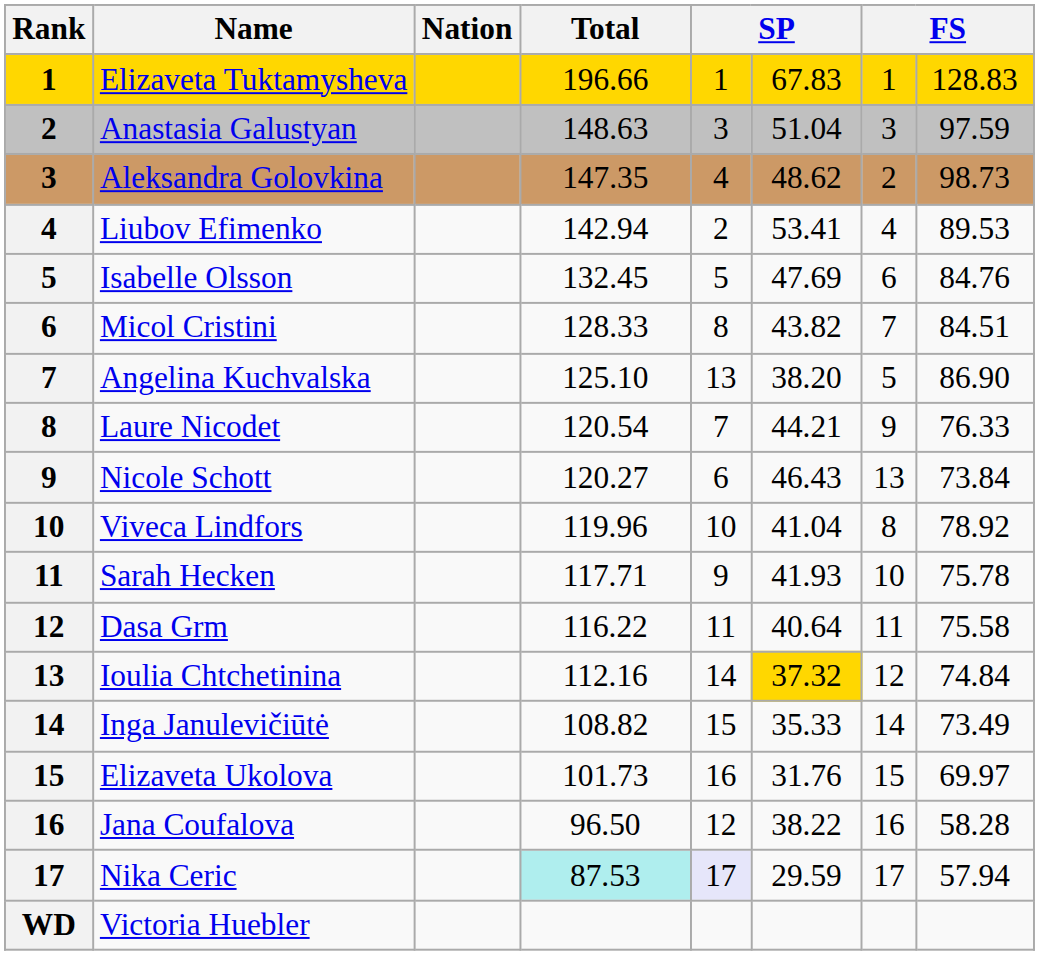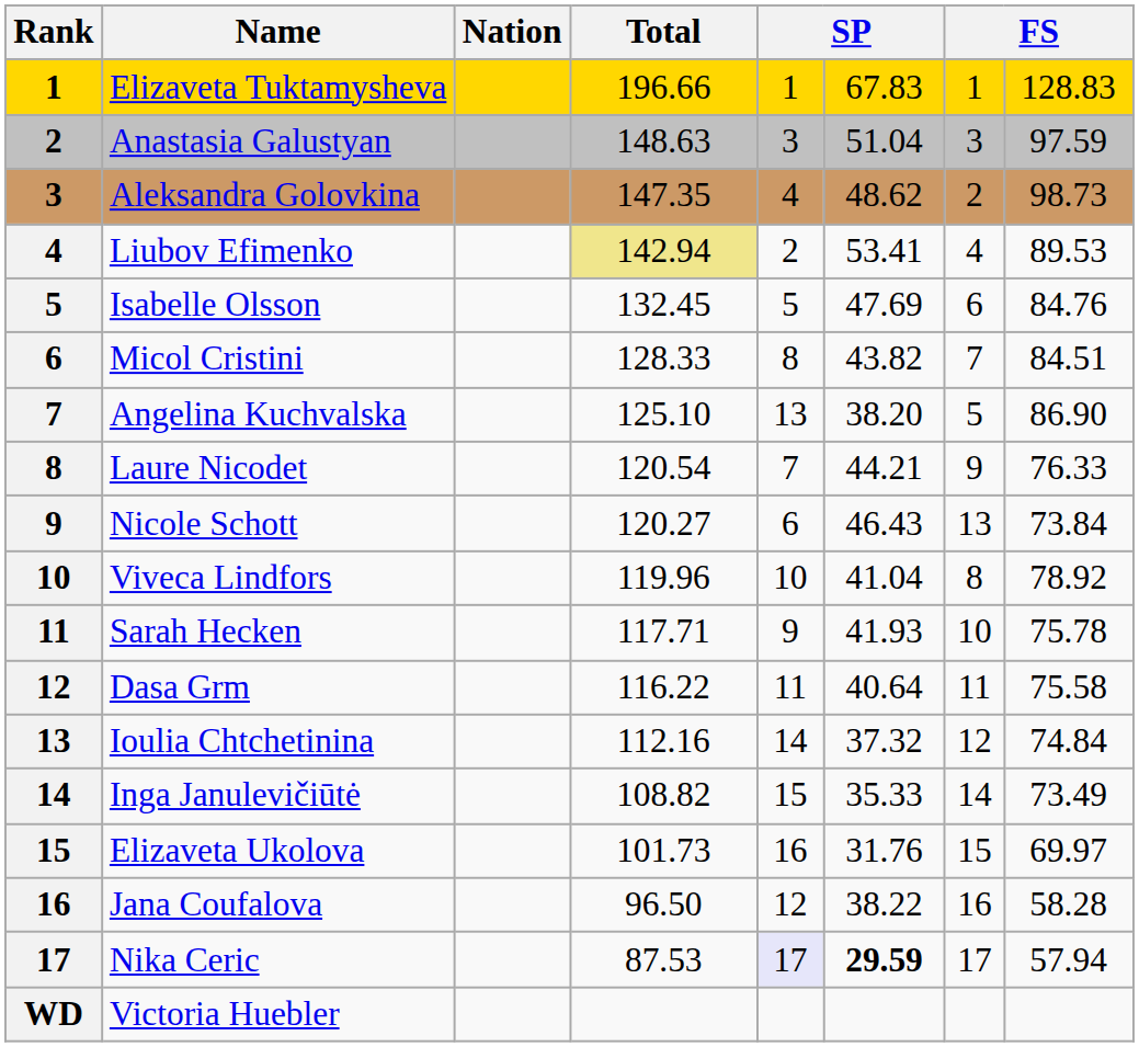 <table class="wikitable sortable">
 <tr>
 <th>Rank</th>
 <th>Name</th>
 <th>Nation</th>
 <th width="80px">Total</th>
 <th colspan="2" width="80px"><a href='#'>SP</a></th>
 <th colspan="2" width="80px"><a href='#'>FS</a></th>
 </tr>
 <tr bgcolor="gold">
 <td align="center"><strong>1</strong></td>
 <td><a href='#'>Elizaveta Tuktamysheva</a></td>
 <td></td>
 <td align="center">196.66</td>
 <td align="center">1</td>
 <td align="center">67.83</td>
 <td align="center">1</td>
 <td align="center">128.83</td>
 </tr>
 <tr bgcolor="silver">
 <td align="center"><strong>2</strong></td>
 <td><a href='#'>Anastasia Galustyan</a></td>
 <td></td>
 <td align="center">148.63</td>
 <td align="center">3</td>
 <td align="center">51.04</td>
 <td align="center">3</td>
 <td align="center">97.59</td>
 </tr>
 <tr bgcolor="cc9966">
 <td align="center"><strong>3</strong></td>
 <td><a href='#'>Aleksandra Golovkina</a></td>
 <td></td>
 <td align="center">147.35</td>
 <td align="center">4</td>
 <td align="center">48.62</td>
 <td align="center">2</td>
 <td align="center">98.73</td>
 </tr>
 <tr>
 <th>4</th>
 <td><a href='#'>Liubov Efimenko</a></td>
 <td></td>
-<td align="center">142.94</td>
+<td align="center" style="background: khaki;">142.94</td>
 <td align="center">2</td>
 <td align="center">53.41</td>
 <td align="center">4</td>
 <td align="center">89.53</td>
 </tr>
 <tr>
 <th>5</th>
 <td><a href='#'>Isabelle Olsson</a></td>
 <td></td>
 <td align="center">132.45</td>
 <td align="center">5</td>
 <td align="center">47.69</td>
 <td align="center">6</td>
 <td align="center">84.76</td>
 </tr>
 <tr>
 <th>6</th>
 <td><a href='#'>Micol Cristini</a></td>
 <td></td>
 <td align="center">128.33</td>
 <td align="center">8</td>
 <td align="center">43.82</td>
 <td align="center">7</td>
 <td align="center">84.51</td>
 </tr>
 <tr>
 <th>7</th>
 <td><a href='#'>Angelina Kuchvalska</a></td>
 <td></td>
 <td align="center">125.10</td>
 <td align="center">13</td>
 <td align="center">38.20</td>
 <td align="center">5</td>
 <td align="center">86.90</td>
 </tr>
 <tr>
 <th>8</th>
 <td><a href='#'>Laure Nicodet</a></td>
 <td></td>
 <td align="center">120.54</td>
 <td align="center">7</td>
 <td align="center">44.21</td>
 <td align="center">9</td>
 <td align="center">76.33</td>
 </tr>
 <tr>
 <th>9</th>
 <td><a href='#'>Nicole Schott</a></td>
 <td></td>
 <td align="center">120.27</td>
 <td align="center">6</td>
 <td align="center">46.43</td>
 <td align="center">13</td>
 <td align="center">73.84</td>
 </tr>
 <tr>
 <th>10</th>
 <td><a href='#'>Viveca Lindfors</a></td>
 <td></td>
 <td align="center">119.96</td>
 <td align="center">10</td>
 <td align="center">41.04</td>
 <td align="center">8</td>
 <td align="center">78.92</td>
 </tr>
 <tr>
 <th>11</th>
 <td><a href='#'>Sarah Hecken</a></td>
 <td></td>
 <td align="center">117.71</td>
 <td align="center">9</td>
 <td align="center">41.93</td>
 <td align="center">10</td>
 <td align="center">75.78</td>
 </tr>
 <tr>
 <th>12</th>
 <td><a href='#'>Dasa Grm</a></td>
 <td></td>
 <td align="center">116.22</td>
 <td align="center">11</td>
 <td align="center">40.64</td>
 <td align="center">11</td>
 <td align="center">75.58</td>
 </tr>
 <tr>
 <th>13</th>
 <td><a href='#'>Ioulia Chtchetinina</a></td>
 <td></td>
 <td align="center">112.16</td>
 <td align="center">14</td>
-<td align="center" style="background: gold;">37.32</td>
+<td align="center">37.32</td>
 <td align="center">12</td>
 <td align="center">74.84</td>
 </tr>
 <tr>
 <th>14</th>
 <td><a href='#'>Inga Janulevičiūtė</a></td>
 <td></td>
 <td align="center">108.82</td>
 <td align="center">15</td>
 <td align="center">35.33</td>
 <td align="center">14</td>
 <td align="center">73.49</td>
 </tr>
 <tr>
 <th>15</th>
 <td><a href='#'>Elizaveta Ukolova</a></td>
 <td></td>
 <td align="center">101.73</td>
 <td align="center">16</td>
 <td align="center">31.76</td>
 <td align="center">15</td>
 <td align="center">69.97</td>
 </tr>
 <tr>
 <th>16</th>
 <td><a href='#'>Jana Coufalova</a></td>
 <td></td>
 <td align="center">96.50</td>
 <td align="center">12</td>
 <td align="center">38.22</td>
 <td align="center">16</td>
 <td align="center">58.28</td>
 </tr>
 <tr>
 <th>17</th>
 <td><a href='#'>Nika Ceric</a></td>
 <td></td>
-<td align="center" style="background: paleturquoise;">87.53</td>
+<td align="center">87.53</td>
 <td align="center" style="background: lavender;">17</td>
-<td align="center">29.59</td>
+<td align="center"><strong>29.59</strong></td>
 <td align="center">17</td>
 <td align="center">57.94</td>
 </tr>
 <tr>
 <th>WD</th>
 <td><a href='#'>Victoria Huebler</a></td>
 <td></td>
 <td align="center"></td>
 <td align="center"></td>
 <td align="center"></td>
 <td align="center"></td>
 <td align="center"></td>
 </tr>
 </table>
